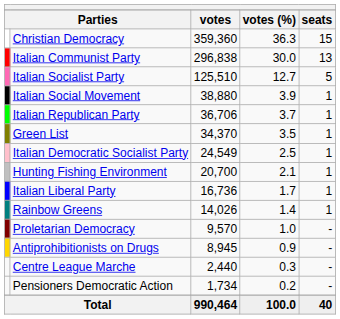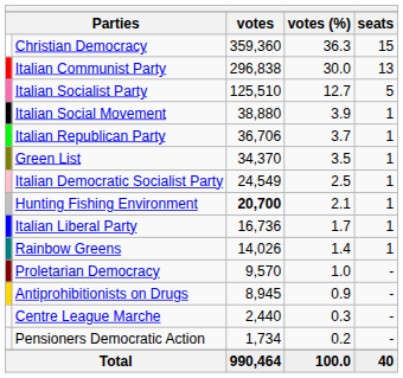 <table class="wikitable" style="font-size:95%">
 <tr>
 <th colspan=5></th>
 </tr>
 <tr>
 </tr>
 <tr bgcolor="EFEFEF">
 <th colspan=2>Parties</th>
 <th>votes</th>
 <th>votes (%)</th>
 <th>seats</th>
 </tr>
 <tr>
 <td bgcolor=White></td>
 <td><a href='#'>Christian Democracy</a></td>
 <td align=right>359,360</td>
 <td align=right>36.3</td>
 <td align=right>15</td>
 </tr>
 <tr>
 <td bgcolor=Red></td>
 <td><a href='#'>Italian Communist Party</a></td>
 <td align=right>296,838</td>
 <td align=right>30.0</td>
 <td align=right>13</td>
 </tr>
 <tr>
 <td bgcolor=Hotpink></td>
 <td><a href='#'>Italian Socialist Party</a></td>
 <td align=right>125,510</td>
 <td align=right>12.7</td>
 <td align=right>5</td>
 </tr>
 <tr>
 <td bgcolor=Black></td>
 <td><a href='#'>Italian Social Movement</a></td>
 <td align=right>38,880</td>
 <td align=right>3.9</td>
 <td align=right>1</td>
 </tr>
 <tr>
 <td bgcolor=Lime></td>
 <td><a href='#'>Italian Republican Party</a></td>
 <td align=right>36,706</td>
 <td align=right>3.7</td>
 <td align=right>1</td>
 </tr>
 <tr>
 <td bgcolor=Olive></td>
 <td><a href='#'>Green List</a></td>
 <td align=right>34,370</td>
 <td align=right>3.5</td>
 <td align=right>1</td>
 </tr>
 <tr>
 <td bgcolor=Pink></td>
 <td><a href='#'>Italian Democratic Socialist Party</a></td>
 <td align=right>24,549</td>
 <td align=right>2.5</td>
 <td align=right>1</td>
 </tr>
 <tr>
 <td bgcolor=Silver></td>
 <td><a href='#'>Hunting Fishing Environment</a></td>
-<td align=right>20,700</td>
+<td align=right><strong>20,700</strong></td>
 <td align=right>2.1</td>
 <td align=right>1</td>
 </tr>
 <tr>
 <td bgcolor=Blue></td>
 <td><a href='#'>Italian Liberal Party</a></td>
 <td align=right>16,736</td>
 <td align=right>1.7</td>
 <td align=right>1</td>
 </tr>
 <tr>
 <td bgcolor=Teal></td>
 <td><a href='#'>Rainbow Greens</a></td>
 <td align=right>14,026</td>
 <td align=right>1.4</td>
 <td align=right>1</td>
 </tr>
 <tr>
 <td bgcolor=Maroon></td>
 <td><a href='#'>Proletarian Democracy</a></td>
 <td align=right>9,570</td>
 <td align=right>1.0</td>
 <td align=right>-</td>
 </tr>
 <tr>
 <td bgcolor=Gold></td>
 <td><a href='#'>Antiprohibitionists on Drugs</a></td>
 <td align=right>8,945</td>
 <td align=right>0.9</td>
 <td align=right>-</td>
 </tr>
 <tr>
 <td bgcolor=></td>
 <td><a href='#'>Centre League Marche</a></td>
 <td align=right>2,440</td>
 <td align=right>0.3</td>
 <td align=right>-</td>
 </tr>
 <tr>
 <td bgcolor=></td>
 <td>Pensioners Democratic Action</td>
 <td align=right>1,734</td>
 <td align=right>0.2</td>
 <td align=right>-</td>
 </tr>
 <tr>
 </tr>
 <tr bgcolor="EFEFEF">
 <th colspan=2><strong>Total</strong></th>
 <td align=right><strong>990,464</strong></td>
 <td align=right><strong>100.0</strong></td>
 <td align=right><strong>40</strong></td>
 </tr>
 </table>
